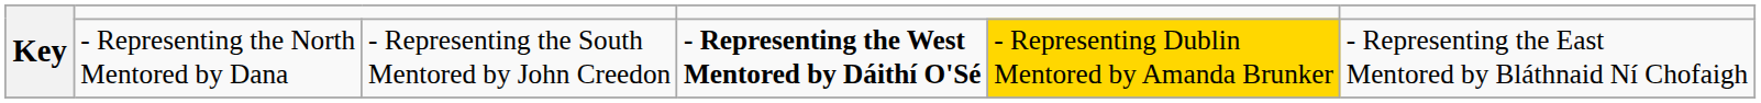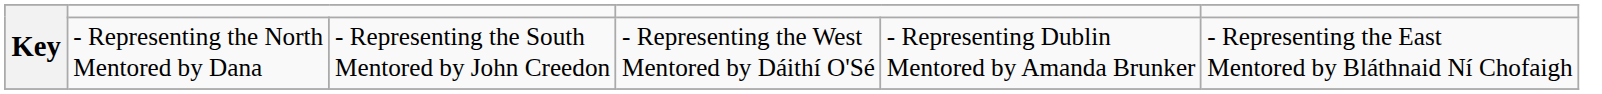 <table class="wikitable">
 <tr>
 <th rowspan="2">Key</th>
 <td colspan="2" style="font-size:88%"></td>
 <td colspan="2" style="font-size:88%"></td>
 <td style="font-size:88%"></td>
 </tr>
 <tr>
 <td style="font-size:88%"> - Representing the North <br> Mentored by Dana</td>
 <td style="font-size:88%"> - Representing the South <br> Mentored by John Creedon</td>
-<td style="font-size:88%"><strong> - Representing the West <br> Mentored by Dáithí O'Sé</strong></td>
-<td style="background: gold; font-size:88%"> - Representing Dublin<br> Mentored by Amanda Brunker</td>
+<td style="font-size:88%"> - Representing the West <br> Mentored by Dáithí O'Sé</td>
+<td style="font-size:88%"> - Representing Dublin<br> Mentored by Amanda Brunker</td>
 <td style="font-size:88%"> - Representing the East<br> Mentored by Bláthnaid Ní Chofaigh</td>
 </tr>
 </table>
